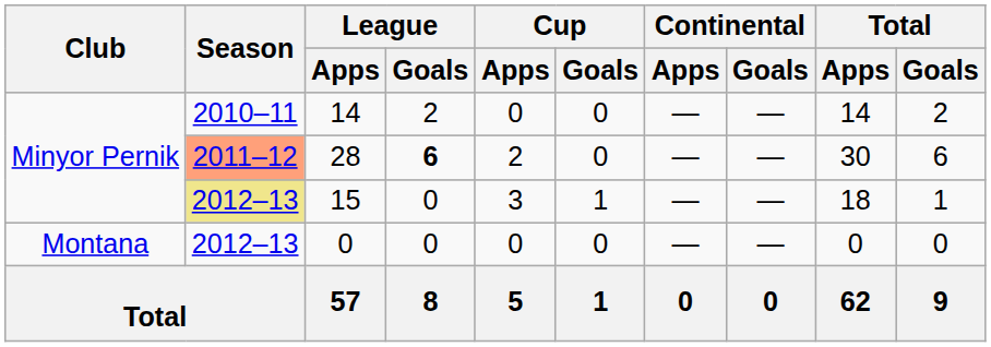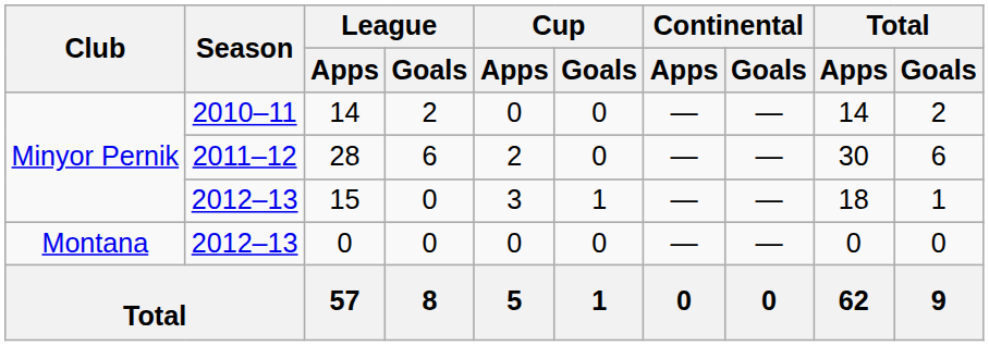 <table class="wikitable" style="text-align: center;">
 <tr>
 <th rowspan="2">Club</th>
 <th rowspan="2">Season</th>
 <th colspan="2">League</th>
 <th colspan="2">Cup</th>
 <th colspan="2">Continental</th>
 <th colspan="2">Total</th>
 </tr>
 <tr>
 <th>Apps</th>
 <th>Goals</th>
 <th>Apps</th>
 <th>Goals</th>
 <th>Apps</th>
 <th>Goals</th>
 <th>Apps</th>
 <th>Goals</th>
 </tr>
 <tr>
 <td rowspan="3" valign="center"><a href='#'>Minyor Pernik</a></td>
 <td><a href='#'>2010–11</a></td>
 <td>14</td>
 <td>2</td>
 <td>0</td>
 <td>0</td>
 <td>—</td>
 <td>—</td>
 <td>14</td>
 <td>2</td>
 </tr>
 <tr>
-<td style="background: lightsalmon;"><a href='#'>2011–12</a></td>
+<td><a href='#'>2011–12</a></td>
 <td>28</td>
-<td><strong>6</strong></td>
+<td>6</td>
 <td>2</td>
 <td>0</td>
 <td>—</td>
 <td>—</td>
 <td>30</td>
 <td>6</td>
 </tr>
 <tr>
-<td style="background: khaki;"><a href='#'>2012–13</a></td>
+<td><a href='#'>2012–13</a></td>
 <td>15</td>
 <td>0</td>
 <td>3</td>
 <td>1</td>
 <td>—</td>
 <td>—</td>
 <td>18</td>
 <td>1</td>
 </tr>
 <tr>
 <td rowspan="1" valign="center"><a href='#'>Montana</a></td>
 <td><a href='#'>2012–13</a></td>
 <td>0</td>
 <td>0</td>
 <td>0</td>
 <td>0</td>
 <td>—</td>
 <td>—</td>
 <td>0</td>
 <td>0</td>
 </tr>
 <tr>
 <th colspan="2"><br><strong>Total</strong></th>
 <th>57</th>
 <th>8</th>
 <th>5</th>
 <th>1</th>
 <th>0</th>
 <th>0</th>
 <th>62</th>
 <th>9</th>
 </tr>
 </table>
